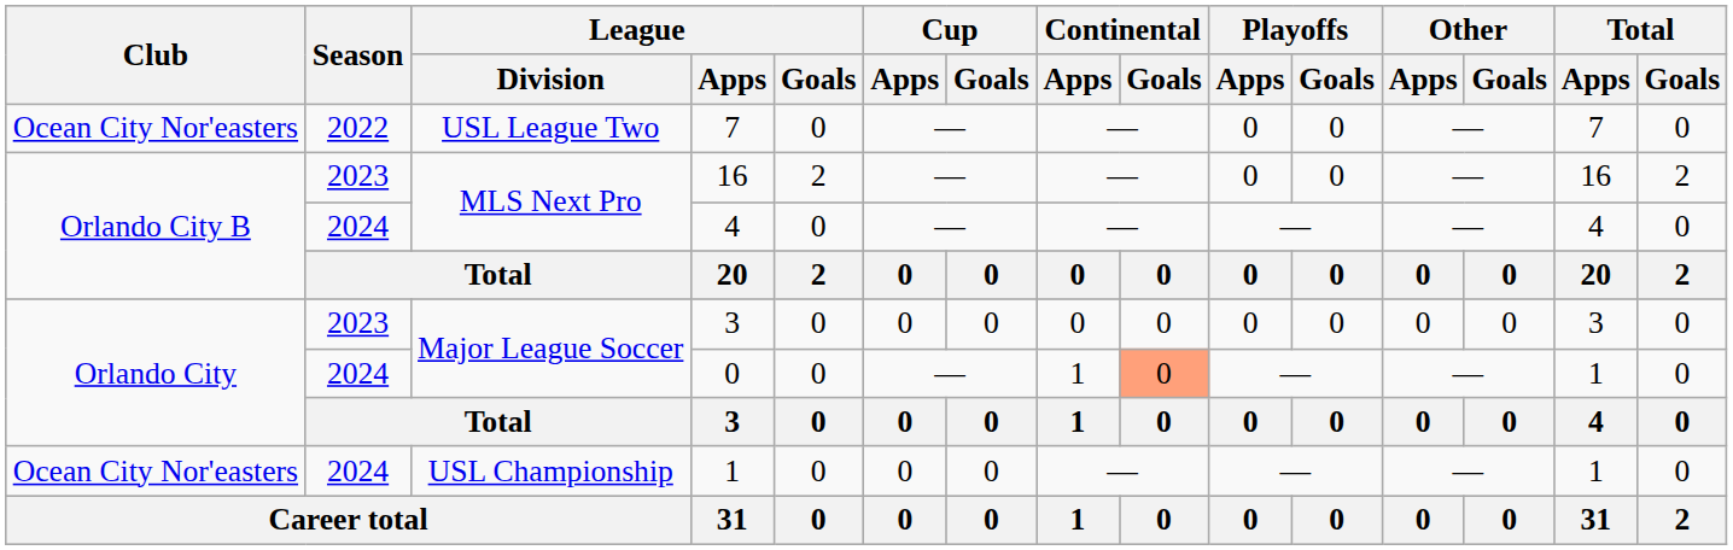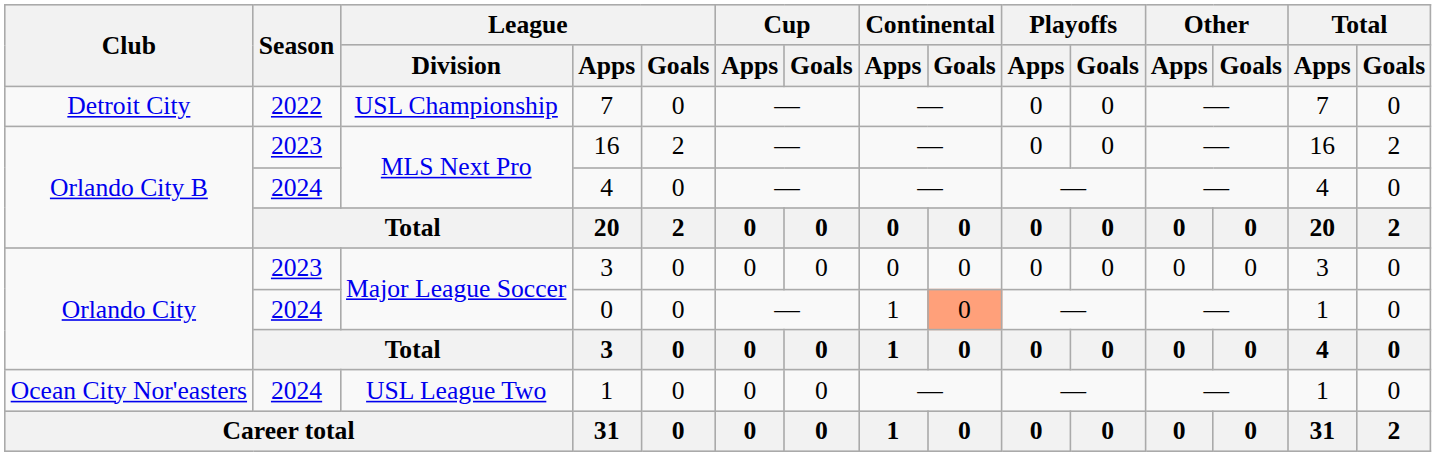 <table class="wikitable" style="text-align:center;">
 <tr>
 <th rowspan="2">Club</th>
 <th rowspan="2">Season</th>
 <th colspan="3">League</th>
 <th colspan="2">Cup</th>
 <th colspan="2">Continental</th>
 <th colspan="2">Playoffs</th>
 <th colspan="2">Other</th>
 <th colspan="2">Total</th>
 </tr>
 <tr>
 <th>Division</th>
 <th>Apps</th>
 <th>Goals</th>
 <th>Apps</th>
 <th>Goals</th>
 <th>Apps</th>
 <th>Goals</th>
 <th>Apps</th>
 <th>Goals</th>
 <th>Apps</th>
 <th>Goals</th>
 <th>Apps</th>
 <th>Goals</th>
 </tr>
 <tr>
-<td><a href='#'>Ocean City Nor'easters</a></td>
+<td><a href='#'>Detroit City</a></td>
 <td><a href='#'>2022</a></td>
-<td><a href='#'>USL League Two</a></td>
+<td><a href='#'>USL Championship</a></td>
 <td>7</td>
 <td>0</td>
 <td colspan="2">—</td>
 <td colspan="2">—</td>
 <td>0</td>
 <td>0</td>
 <td colspan="2">—</td>
 <td>7</td>
 <td>0</td>
 </tr>
 <tr>
 <td rowspan="3"><a href='#'>Orlando City B</a></td>
 <td><a href='#'>2023</a></td>
 <td rowspan="2"><a href='#'>MLS Next Pro</a></td>
 <td>16</td>
 <td>2</td>
 <td colspan="2">—</td>
 <td colspan="2">—</td>
 <td>0</td>
 <td>0</td>
 <td colspan="2">—</td>
 <td>16</td>
 <td>2</td>
 </tr>
 <tr>
 <td><a href='#'>2024</a></td>
 <td>4</td>
 <td>0</td>
 <td colspan="2">—</td>
 <td colspan="2">—</td>
 <td colspan="2">—</td>
 <td colspan="2">—</td>
 <td>4</td>
 <td>0</td>
 </tr>
 <tr>
 <th colspan="2">Total</th>
 <th>20</th>
 <th>2</th>
 <th>0</th>
 <th>0</th>
 <th>0</th>
 <th>0</th>
 <th>0</th>
 <th>0</th>
 <th>0</th>
 <th>0</th>
 <th>20</th>
 <th>2</th>
 </tr>
 <tr>
 <td rowspan="3"><a href='#'>Orlando City</a></td>
 <td><a href='#'>2023</a></td>
 <td rowspan="2"><a href='#'>Major League Soccer</a></td>
 <td>3</td>
 <td>0</td>
 <td>0</td>
 <td>0</td>
 <td>0</td>
 <td>0</td>
 <td>0</td>
 <td>0</td>
 <td>0</td>
 <td>0</td>
 <td>3</td>
 <td>0</td>
 </tr>
 <tr>
 <td><a href='#'>2024</a></td>
 <td>0</td>
 <td>0</td>
 <td colspan="2">—</td>
 <td>1</td>
 <td style="background: lightsalmon;">0</td>
 <td colspan="2">—</td>
 <td colspan="2">—</td>
 <td>1</td>
 <td>0</td>
 </tr>
 <tr>
 <th colspan="2">Total</th>
 <th>3</th>
 <th>0</th>
 <th>0</th>
 <th>0</th>
 <th>1</th>
 <th>0</th>
 <th>0</th>
 <th>0</th>
 <th>0</th>
 <th>0</th>
 <th>4</th>
 <th>0</th>
 </tr>
 <tr>
 <td><a href='#'>Ocean City Nor'easters</a></td>
 <td><a href='#'>2024</a></td>
-<td><a href='#'>USL Championship</a></td>
+<td><a href='#'>USL League Two</a></td>
 <td>1</td>
 <td>0</td>
 <td>0</td>
 <td>0</td>
 <td colspan="2">—</td>
 <td colspan="2">—</td>
 <td colspan="2">—</td>
 <td>1</td>
 <td>0</td>
 </tr>
 <tr>
 <th colspan="3">Career total</th>
 <th>31</th>
 <th>0</th>
 <th>0</th>
 <th>0</th>
 <th>1</th>
 <th>0</th>
 <th>0</th>
 <th>0</th>
 <th>0</th>
 <th>0</th>
 <th>31</th>
 <th>2</th>
 </tr>
 </table>
